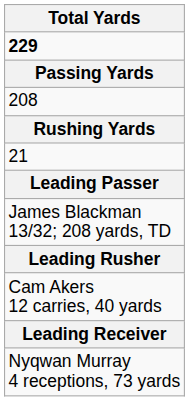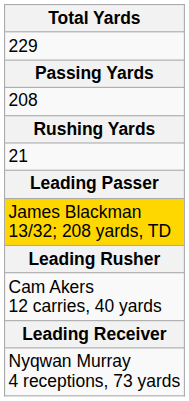 <table class="wikitable">
 <tr>
 <th>Total Yards</th>
 </tr>
 <tr>
-<td><strong>229</strong></td>
+<td>229</td>
 </tr>
 <tr>
 <th>Passing Yards</th>
 </tr>
 <tr>
 <td>208</td>
 </tr>
 <tr>
 <th>Rushing Yards</th>
 </tr>
 <tr>
 <td>21</td>
 </tr>
 <tr>
 <th>Leading Passer</th>
 </tr>
 <tr>
-<td>James Blackman<br>13/32; 208 yards, TD</td>
+<td style="background: gold;">James Blackman<br>13/32; 208 yards, TD</td>
 </tr>
 <tr>
 <th>Leading Rusher</th>
 </tr>
 <tr>
 <td>Cam Akers<br>12 carries, 40 yards</td>
 </tr>
 <tr>
 <th>Leading Receiver</th>
 </tr>
 <tr>
 <td>Nyqwan Murray<br>4 receptions, 73 yards</td>
 </tr>
 </table>
